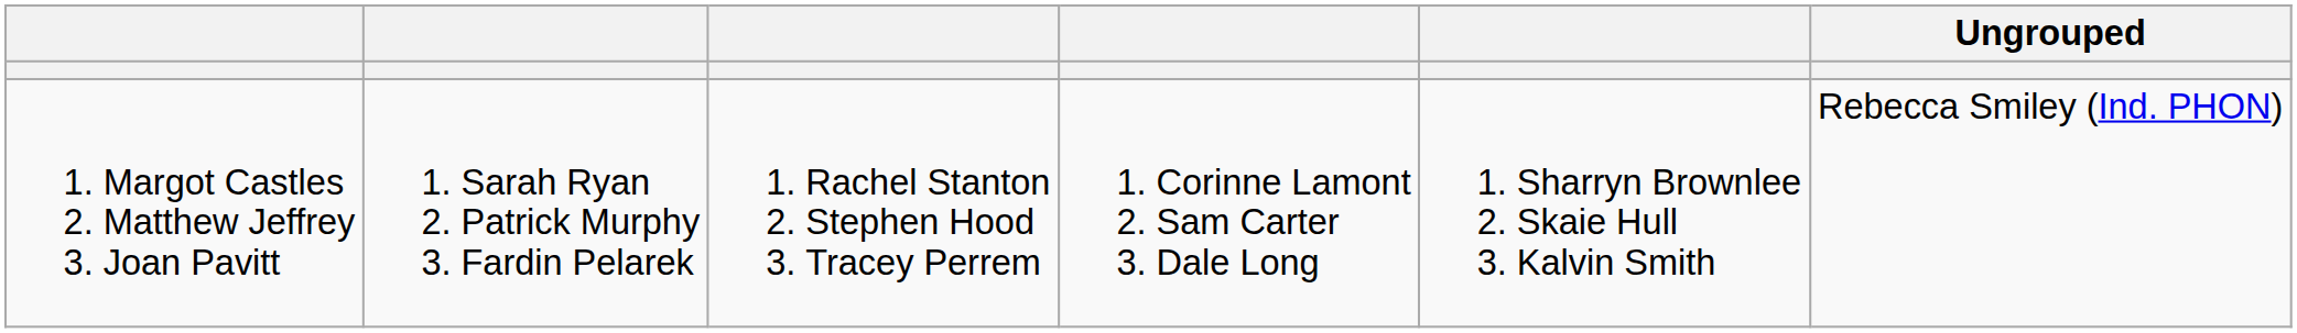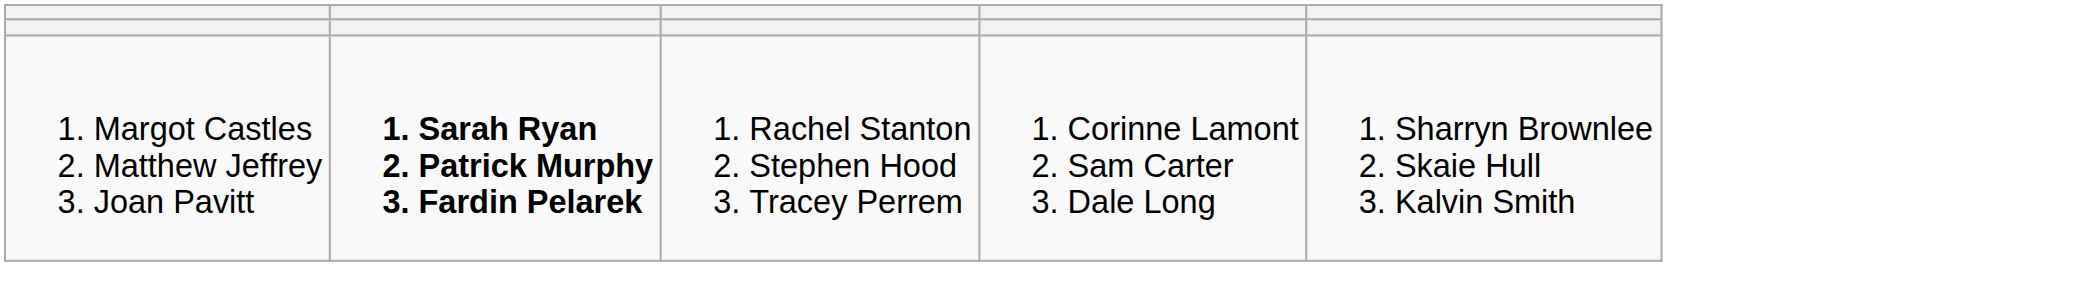 <table class=wikitable>
 <tr>
 <th></th>
 <th></th>
 <th></th>
 <th></th>
 <th></th>
-<th>Ungrouped</th>
 </tr>
 <tr style=background:#ccc>
-<th></th>
 <th></th>
 <th></th>
 <th></th>
 <th></th>
 <th></th>
 </tr>
 <tr>
 <td valign=top><br><ol><li>Margot Castles</li><li>Matthew Jeffrey</li><li>Joan Pavitt</li></ol></td>
-<td valign=top><br><ol><li>Sarah Ryan</li><li>Patrick Murphy</li><li>Fardin Pelarek</li></ol></td>
+<td valign=top><strong><br><ol><li>Sarah Ryan</li><li>Patrick Murphy</li><li>Fardin Pelarek</li></ol></strong></td>
 <td valign=top><br><ol><li>Rachel Stanton</li><li>Stephen Hood</li><li>Tracey Perrem</li></ol></td>
 <td valign=top><br><ol><li>Corinne Lamont</li><li>Sam Carter</li><li>Dale Long</li></ol></td>
 <td valign=top><br><ol><li>Sharryn Brownlee</li><li>Skaie Hull</li><li>Kalvin Smith</li></ol></td>
-<td valign=top>Rebecca Smiley (<a href='#'>Ind. PHON</a>)</td>
 </tr>
 </table>
